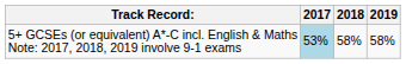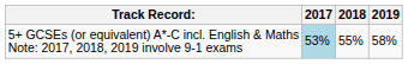 <table class="wikitable">
 <tr>
 <th>Track Record:</th>
 <th>2017</th>
 <th>2018</th>
 <th>2019</th>
 </tr>
 <tr>
 <td>5+ GCSEs (or equivalent) A*-C incl. English & Maths<br>Note: 2017, 2018, 2019 involve 9-1 exams </td>
 <td style="background: lightblue;">53%</td>
-<td>58%</td>
+<td>55%</td>
 <td>58%</td>
 </tr>
 </table>
